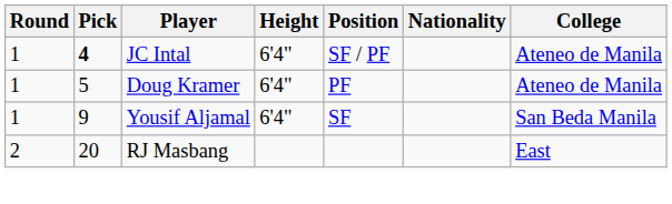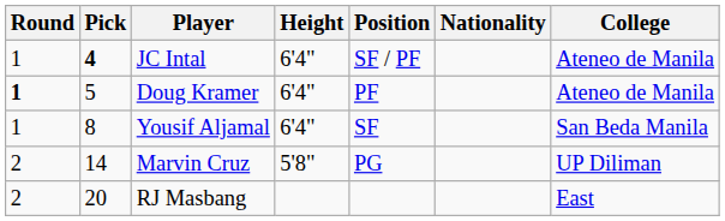 <table class="wikitable sortable sortable">
 <tr>
 <th>Round</th>
 <th>Pick</th>
 <th>Player</th>
 <th>Height</th>
 <th>Position</th>
 <th>Nationality</th>
 <th>College</th>
 </tr>
 <tr>
 <td>1</td>
 <td><strong>4</strong></td>
 <td><a href='#'>JC Intal</a></td>
 <td>6'4"</td>
 <td><a href='#'>SF</a> / <a href='#'>PF</a></td>
 <td></td>
 <td><a href='#'>Ateneo de Manila</a></td>
 </tr>
 <tr>
-<td>1</td>
+<td><strong>1</strong></td>
 <td>5</td>
 <td><a href='#'>Doug Kramer</a></td>
 <td>6'4"</td>
 <td><a href='#'>PF</a></td>
 <td></td>
 <td><a href='#'>Ateneo de Manila</a></td>
 </tr>
 <tr>
 <td>1</td>
-<td>9</td>
+<td>8</td>
 <td><a href='#'>Yousif Aljamal</a></td>
 <td>6'4"</td>
 <td><a href='#'>SF</a></td>
 <td></td>
 <td><a href='#'>San Beda Manila</a></td>
+</tr>
+<tr>
+<td>2</td>
+<td>14</td>
+<td><a href='#'>Marvin Cruz</a></td>
+<td>5'8"</td>
+<td><a href='#'>PG</a></td>
+<td></td>
+<td><a href='#'>UP Diliman</a></td>
 </tr>
 <tr>
 <td>2</td>
 <td>20</td>
 <td>RJ Masbang</td>
 <td></td>
 <td></td>
 <td></td>
 <td><a href='#'>East</a></td>
 </tr>
 </table>
